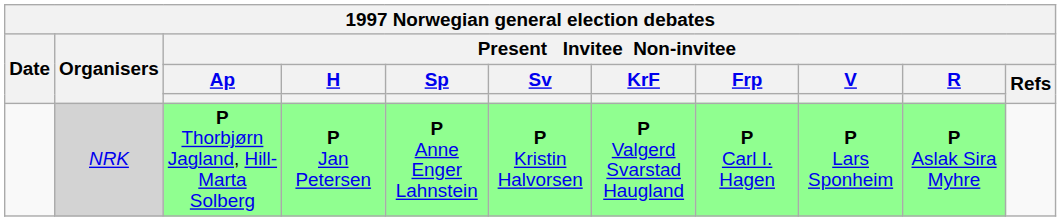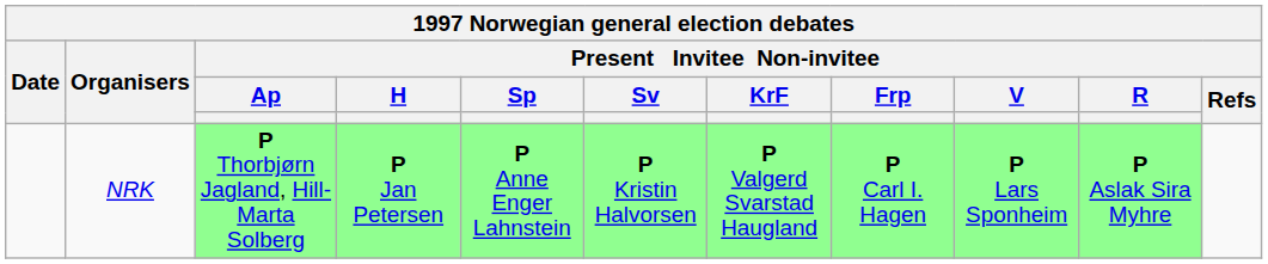 <table class="wikitable" style="font-size:85%; line-height:15px; text-align:center;">
 <tr>
 <th colspan="12">1997 Norwegian general election debates</th>
 </tr>
 <tr>
 <th rowspan="3">Date</th>
 <th rowspan="3">Organisers</th>
 <th colspan="9"> Present    Invitee  Non-invitee </th>
 </tr>
 <tr>
 <th scope="col" style="width:5em;"><a href='#'>Ap</a></th>
 <th scope="col" style="width:5em;"><a href='#'>H</a></th>
 <th scope="col" style="width:5em;"><a href='#'>Sp</a></th>
 <th scope="col" style="width:5em;"><a href='#'>Sv</a></th>
 <th scope="col" style="width:5em;"><a href='#'>KrF</a></th>
 <th scope="col" style="width:5em;"><a href='#'>Frp</a></th>
 <th scope="col" style="width:5em;"><a href='#'>V</a></th>
 <th scope="col" style="width:5em;"><a href='#'>R</a></th>
 <th rowspan="2">Refs</th>
 </tr>
 <tr>
 <th style="background:"></th>
 <th style="background:"></th>
 <th style="background:"></th>
 <th style="background:"></th>
 <th style="background:"></th>
 <th style="background:"></th>
 <th style="background:"></th>
 <th style="background:"></th>
 </tr>
 <tr>
 <td></td>
-<td style="background: lightgrey;"><em><a href='#'>NRK</a></em></td>
+<td><em><a href='#'>NRK</a></em></td>
 <td style="background:#90FF90"><strong>P</strong><br><a href='#'>Thorbjørn Jagland</a>, <a href='#'>Hill-Marta Solberg</a></td>
 <td style="background:#90FF90"><strong>P</strong><br><a href='#'>Jan Petersen</a></td>
 <td style="background:#90FF90"><strong>P</strong><br><a href='#'>Anne Enger Lahnstein</a></td>
 <td style="background:#90FF90"><strong>P</strong><br><a href='#'>Kristin Halvorsen</a></td>
 <td style="background:#90FF90"><strong>P</strong><br><a href='#'>Valgerd Svarstad Haugland</a></td>
 <td style="background:#90FF90"><strong>P</strong><br><a href='#'>Carl I. Hagen</a></td>
 <td style="background:#90FF90"><strong>P</strong><br><a href='#'>Lars Sponheim</a></td>
 <td style="background:#90FF90"><strong>P</strong><br><a href='#'>Aslak Sira Myhre</a></td>
 <td></td>
 </tr>
 </table>
